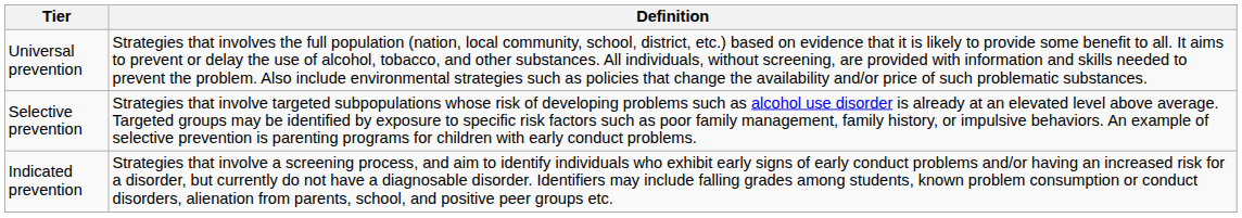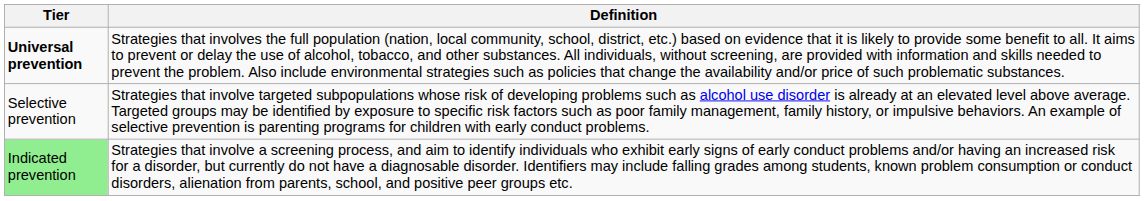 <table class="wikitable">
 <tr>
 <th>Tier</th>
 <th>Definition</th>
 </tr>
 <tr>
-<td>Universal prevention</td>
+<td><strong>Universal prevention</strong></td>
 <td>Strategies that involves the full population (nation, local community, school, district, etc.) based on evidence that it is likely to provide some benefit to all. It aims to prevent or delay the use of alcohol, tobacco, and other substances. All individuals, without screening, are provided with information and skills needed to prevent the problem. Also include environmental strategies such as policies that change the availability and/or price of such problematic substances.</td>
 </tr>
 <tr>
 <td>Selective prevention</td>
 <td>Strategies that involve targeted subpopulations whose risk of developing problems such as <a href='#'>alcohol use disorder</a> is already at an elevated level above average. Targeted groups may be identified by exposure to specific risk factors such as poor family management, family history, or impulsive behaviors. An example of selective prevention is parenting programs for children with early conduct problems.</td>
 </tr>
 <tr>
-<td>Indicated prevention</td>
+<td style="background: lightgreen;">Indicated prevention</td>
 <td>Strategies that involve a screening process, and aim to identify individuals who exhibit early signs of early conduct problems and/or having an increased risk for a disorder, but currently do not have a diagnosable disorder. Identifiers may include falling grades among students, known problem consumption or conduct disorders, alienation from parents, school, and positive peer groups etc.</td>
 </tr>
 </table>
